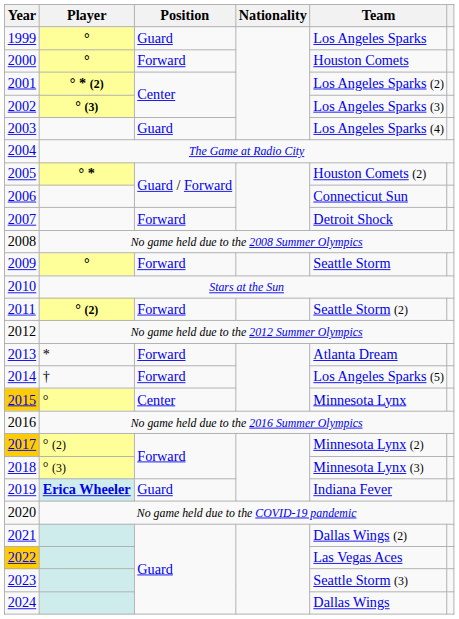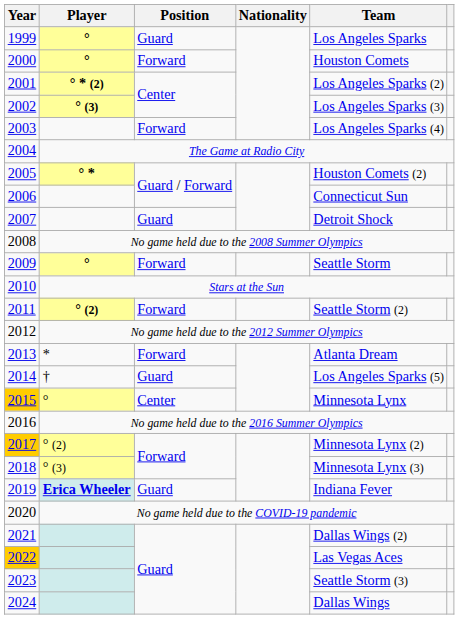 <table class="wikitable plainrowheaders sortable" summary="Season (sortable), Player (sortable), Position (sortable), Nationality (sortable) and Team (sortable)">
 <tr>
 <th scope="col">Year</th>
 <th scope="col">Player</th>
 <th scope="col">Position</th>
 <th scope="col">Nationality</th>
 <th scope="col">Team</th>
 <th scope="col" class="unsortable"></th>
 </tr>
 <tr>
 <td><a href='#'>1999</a></td>
 <th scope="row" style="background-color:#FFFF99"> °</th>
 <td><a href='#'>Guard</a></td>
 <td rowspan=5></td>
 <td><a href='#'>Los Angeles Sparks</a></td>
 <td style="text-align:center"></td>
 </tr>
 <tr>
 <td><a href='#'>2000</a></td>
 <th scope="row" style="background-color:#FFFF99"> °</th>
 <td><a href='#'>Forward</a></td>
 <td><a href='#'>Houston Comets</a></td>
 <td style="text-align:center"></td>
 </tr>
 <tr>
 <td><a href='#'>2001</a></td>
 <th scope="row" style="background-color:#FFFF99"> ° * <small>(2)</small></th>
 <td rowspan=2><a href='#'>Center</a></td>
 <td><a href='#'>Los Angeles Sparks</a> <small>(2)</small></td>
 <td style="text-align:center"></td>
 </tr>
 <tr>
 <td><a href='#'>2002</a></td>
 <th scope="row" style="background-color:#FFFF99"> ° <small>(3)</small></th>
 <td><a href='#'>Los Angeles Sparks</a> <small>(3)</small></td>
 <td style="text-align:center"></td>
 </tr>
 <tr>
 <td><a href='#'>2003</a></td>
 <td></td>
-<td><a href='#'>Guard</a></td>
+<td><a href='#'>Forward</a></td>
 <td><a href='#'>Los Angeles Sparks</a> <small>(4)</small></td>
 <td style="text-align:center"></td>
 </tr>
 <tr>
 <td><a href='#'>2004</a></td>
 <td style="text-align: center" colspan=5><small><em><a href='#'>The Game at Radio City</a></em></small></td>
 </tr>
 <tr>
 <td><a href='#'>2005</a></td>
 <th scope="row" style="background-color:#FFFF99"> ° *</th>
 <td rowspan=2><a href='#'>Guard</a> / <a href='#'>Forward</a></td>
 <td rowspan=3></td>
 <td><a href='#'>Houston Comets</a> <small>(2)</small></td>
 <td style="text-align:center"></td>
 </tr>
 <tr>
 <td><a href='#'>2006</a></td>
 <td></td>
 <td><a href='#'>Connecticut Sun</a></td>
 <td style="text-align:center"></td>
 </tr>
 <tr>
 <td><a href='#'>2007</a></td>
 <td></td>
-<td><a href='#'>Forward</a></td>
+<td><a href='#'>Guard</a></td>
 <td><a href='#'>Detroit Shock</a></td>
 <td style="text-align:center"></td>
 </tr>
 <tr>
 <td>2008</td>
 <td style="text-align: center" colspan=5><small><em>No game held due to the <a href='#'>2008 Summer Olympics</a></em></small></td>
 </tr>
 <tr>
 <td><a href='#'>2009</a></td>
 <th scope="row" style="background-color:#FFFF99"> °</th>
 <td><a href='#'>Forward</a></td>
 <td></td>
 <td><a href='#'>Seattle Storm</a></td>
 <td style="text-align:center"></td>
 </tr>
 <tr>
 <td><a href='#'>2010</a></td>
 <td style="text-align: center" colspan=5><small><em><a href='#'>Stars at the Sun</a></em></small></td>
 </tr>
 <tr>
 <td><a href='#'>2011</a></td>
 <th scope="row" style="background-color:#FFFF99"> ° <small>(2)</small></th>
 <td><a href='#'>Forward</a></td>
 <td></td>
 <td><a href='#'>Seattle Storm</a> <small>(2)</small></td>
 <td style="text-align:center"></td>
 </tr>
 <tr>
 <td>2012</td>
 <td style="text-align: center" colspan=5><small><em>No game held due to the <a href='#'>2012 Summer Olympics</a></em></small></td>
 </tr>
 <tr>
 <td><a href='#'>2013</a></td>
 <td> *</td>
 <td><a href='#'>Forward</a></td>
 <td rowspan=3></td>
 <td><a href='#'>Atlanta Dream</a></td>
 <td style="text-align:center"></td>
 </tr>
 <tr>
 <td><a href='#'>2014</a></td>
 <td> †</td>
-<td><a href='#'>Forward</a></td>
+<td><a href='#'>Guard</a></td>
 <td><a href='#'>Los Angeles Sparks</a> <small>(5)</small></td>
 <td style="text-align:center"></td>
 </tr>
 <tr>
 <td style="background-color:#FFCC00"><a href='#'>2015</a></td>
 <td style="background-color:#FFFF99"> °</td>
 <td><a href='#'>Center</a></td>
 <td><a href='#'>Minnesota Lynx</a></td>
 <td style="text-align:center"></td>
 </tr>
 <tr>
 <td>2016</td>
 <td style="text-align: center" colspan=5><small><em>No game held due to the <a href='#'>2016 Summer Olympics</a></em></small></td>
 </tr>
 <tr>
 <td style="background-color:#FFCC00"><a href='#'>2017</a></td>
 <td style="background-color:#FFFF99"> ° <small>(2)</small></td>
 <td rowspan=2><a href='#'>Forward</a></td>
 <td rowspan=3></td>
 <td><a href='#'>Minnesota Lynx</a> <small>(2)</small></td>
 <td style="text-align:center"></td>
 </tr>
 <tr>
 <td><a href='#'>2018</a></td>
 <td style="background-color:#FFFF99"> ° <small>(3)</small></td>
 <td><a href='#'>Minnesota Lynx</a> <small>(3)</small></td>
 <td style="text-align:center"></td>
 </tr>
 <tr>
 <td><a href='#'>2019</a></td>
 <th scope="row" style="background-color:#CFECEC"><a href='#'>Erica Wheeler</a></th>
 <td><a href='#'>Guard</a></td>
 <td><a href='#'>Indiana Fever</a></td>
 <td style="text-align:center"></td>
 </tr>
 <tr>
 <td>2020</td>
 <td style="text-align: center" colspan=5><small><em>No game held due to the <a href='#'>COVID-19 pandemic</a></em></small></td>
 </tr>
 <tr>
 <td><a href='#'>2021</a></td>
 <th scope="row" style="background-color:#CFECEC"></th>
 <td rowspan=4><a href='#'>Guard</a></td>
 <td rowspan=4></td>
 <td><a href='#'>Dallas Wings</a> <small>(2)</small></td>
 <td style="text-align:center"></td>
 </tr>
 <tr>
 <td style="background-color:#FFCC00"><a href='#'>2022</a></td>
 <th scope="row" style="background-color:#CFECEC"></th>
 <td><a href='#'>Las Vegas Aces</a></td>
 <td style="text-align:center"></td>
 </tr>
 <tr>
 <td><a href='#'>2023</a></td>
 <th scope="row" style="background-color:#CFECEC"></th>
 <td><a href='#'>Seattle Storm</a> <small>(3)</small></td>
 <td style="text-align:center"></td>
 </tr>
 <tr>
 <td><a href='#'>2024</a></td>
 <th scope="row" style="background-color:#CFECEC"> </th>
 <td><a href='#'>Dallas Wings</a> </td>
 <td style="text-align:center"></td>
 </tr>
 </table>
